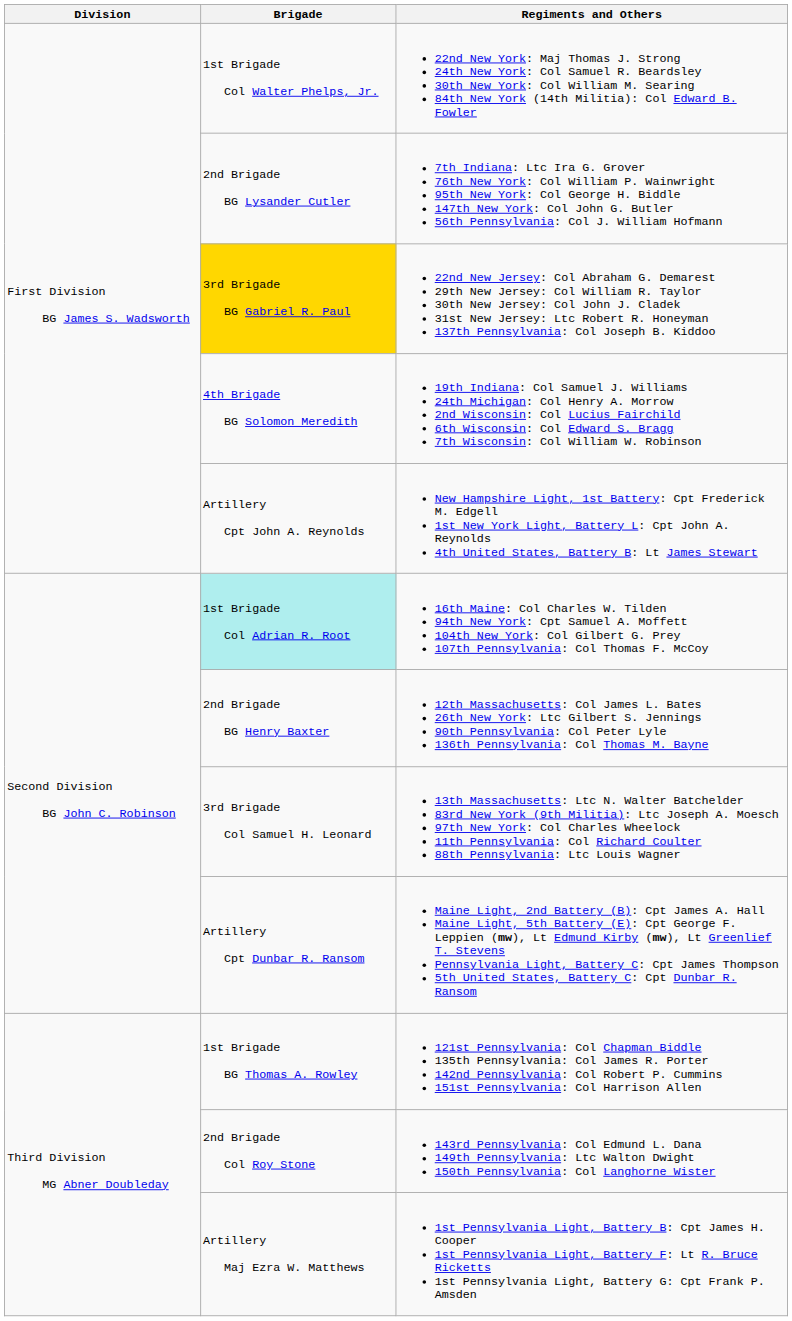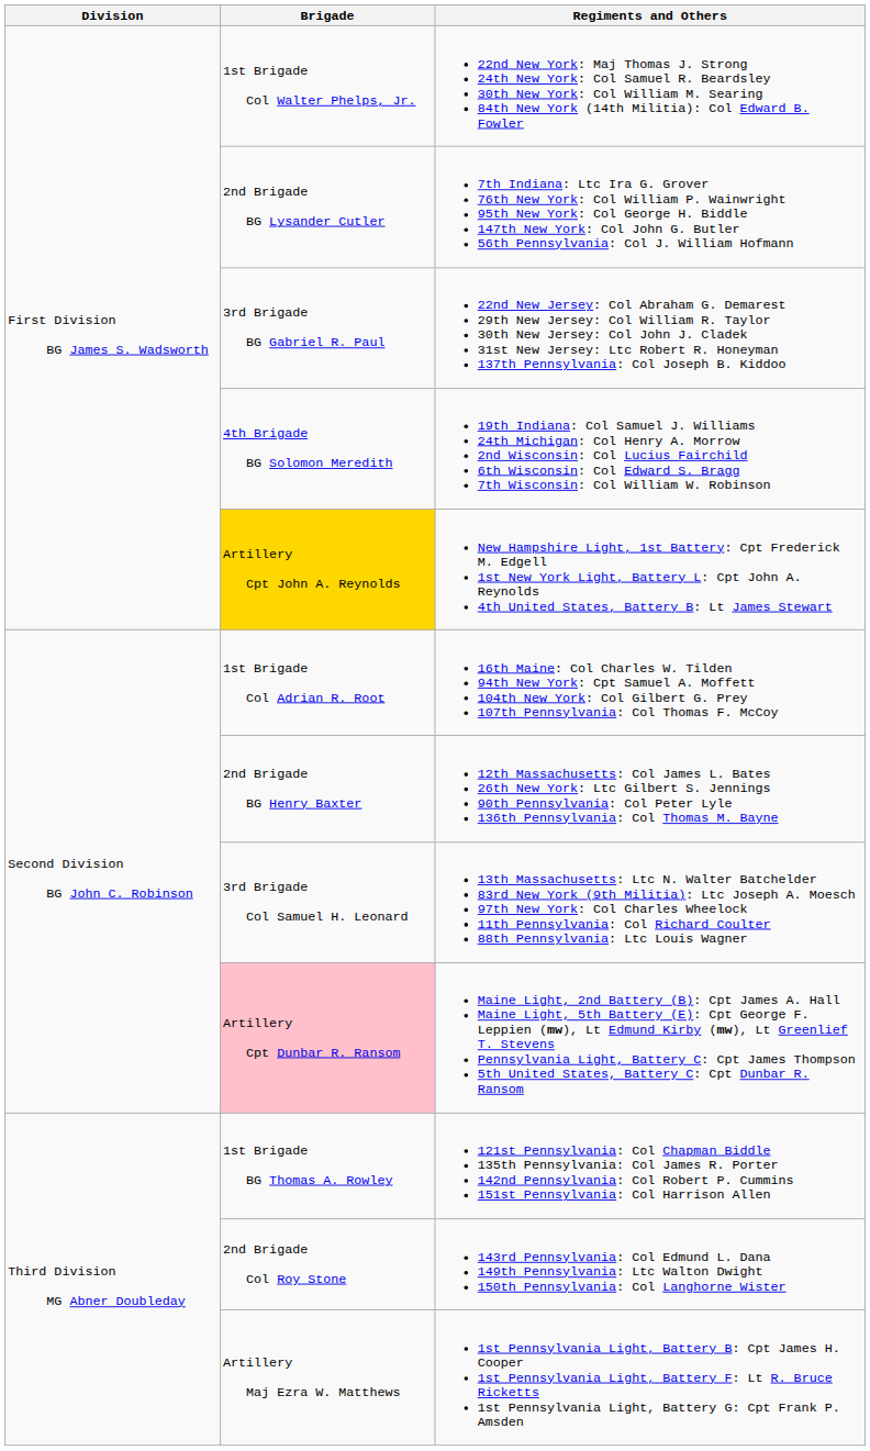 <table class="wikitable">
 <tr>
 <th width=25%>Division</th>
 <th width=25%>Brigade</th>
 <th>Regiments and Others</th>
 </tr>
 <tr>
 <td rowspan=5><br>First Division<br> <br>     BG <a href='#'>James S. Wadsworth</a></td>
 <td>1st Brigade<br><br>   Col <a href='#'>Walter Phelps, Jr.</a></td>
 <td><br><ul><li><a href='#'>22nd New York</a>: Maj Thomas J. Strong</li><li><a href='#'>24th New York</a>: Col Samuel R. Beardsley</li><li><a href='#'>30th New York</a>: Col William M. Searing</li><li><a href='#'>84th New York</a> (14th Militia): Col <a href='#'>Edward B. Fowler</a></li></ul></td>
 </tr>
 <tr>
 <td>2nd Brigade<br><br>   BG <a href='#'>Lysander Cutler</a></td>
 <td><br><ul><li><a href='#'>7th Indiana</a>: Ltc Ira G. Grover</li><li><a href='#'>76th New York</a>: Col William P. Wainwright</li><li><a href='#'>95th New York</a>: Col George H. Biddle</li><li><a href='#'>147th New York</a>: Col John G. Butler</li><li><a href='#'>56th Pennsylvania</a>: Col J. William Hofmann</li></ul></td>
 </tr>
 <tr>
-<td style="background: gold;">3rd Brigade<br><br>   BG <a href='#'>Gabriel R. Paul</a></td>
+<td>3rd Brigade<br><br>   BG <a href='#'>Gabriel R. Paul</a></td>
 <td><br><ul><li><a href='#'>22nd New Jersey</a>: Col Abraham G. Demarest</li><li>29th New Jersey: Col William R. Taylor</li><li>30th New Jersey: Col John J. Cladek</li><li>31st New Jersey: Ltc Robert R. Honeyman</li><li><a href='#'>137th Pennsylvania</a>: Col Joseph B. Kiddoo</li></ul></td>
 </tr>
 <tr>
 <td><a href='#'>4th Brigade</a><br><br>   BG <a href='#'>Solomon Meredith</a></td>
 <td><br><ul><li><a href='#'>19th Indiana</a>: Col Samuel J. Williams</li><li><a href='#'>24th Michigan</a>: Col Henry A. Morrow</li><li><a href='#'>2nd Wisconsin</a>: Col <a href='#'>Lucius Fairchild</a></li><li><a href='#'>6th Wisconsin</a>: Col <a href='#'>Edward S. Bragg</a></li><li><a href='#'>7th Wisconsin</a>: Col William W. Robinson</li></ul></td>
 </tr>
 <tr>
-<td>Artillery<br><br>   Cpt John A. Reynolds</td>
+<td style="background: gold;">Artillery<br><br>   Cpt John A. Reynolds</td>
 <td><br><ul><li><a href='#'>New Hampshire Light, 1st Battery</a>: Cpt Frederick M. Edgell</li><li><a href='#'>1st New York Light, Battery L</a>: Cpt John A. Reynolds</li><li><a href='#'>4th United States, Battery B</a>: Lt <a href='#'>James Stewart</a></li></ul></td>
 </tr>
 <tr>
 <td rowspan=4><br>Second Division<br> <br>     BG <a href='#'>John C. Robinson</a></td>
-<td style="background: paleturquoise;">1st Brigade<br><br>   Col <a href='#'>Adrian R. Root</a></td>
+<td>1st Brigade<br><br>   Col <a href='#'>Adrian R. Root</a></td>
 <td><br><ul><li><a href='#'>16th Maine</a>: Col Charles W. Tilden</li><li><a href='#'>94th New York</a>: Cpt Samuel A. Moffett</li><li><a href='#'>104th New York</a>: Col Gilbert G. Prey</li><li><a href='#'>107th Pennsylvania</a>: Col Thomas F. McCoy</li></ul></td>
 </tr>
 <tr>
 <td>2nd Brigade<br><br>   BG <a href='#'>Henry Baxter</a></td>
 <td><br><ul><li><a href='#'>12th Massachusetts</a>: Col James L. Bates</li><li><a href='#'>26th New York</a>: Ltc Gilbert S. Jennings</li><li><a href='#'>90th Pennsylvania</a>: Col Peter Lyle</li><li><a href='#'>136th Pennsylvania</a>: Col <a href='#'>Thomas M. Bayne</a></li></ul></td>
 </tr>
 <tr>
 <td>3rd Brigade<br><br>   Col Samuel H. Leonard</td>
 <td><br><ul><li><a href='#'>13th Massachusetts</a>: Ltc N. Walter Batchelder</li><li><a href='#'>83rd New York (9th Militia)</a>: Ltc Joseph A. Moesch</li><li><a href='#'>97th New York</a>: Col Charles Wheelock</li><li><a href='#'>11th Pennsylvania</a>: Col <a href='#'>Richard Coulter</a></li><li><a href='#'>88th Pennsylvania</a>: Ltc Louis Wagner</li></ul></td>
 </tr>
 <tr>
-<td>Artillery<br><br>   Cpt <a href='#'>Dunbar R. Ransom</a></td>
+<td style="background: pink;">Artillery<br><br>   Cpt <a href='#'>Dunbar R. Ransom</a></td>
 <td><br><ul><li><a href='#'>Maine Light, 2nd Battery (B)</a>: Cpt James A. Hall</li><li><a href='#'>Maine Light, 5th Battery (E)</a>: Cpt George F. Leppien (<strong>mw</strong>), Lt <a href='#'>Edmund Kirby</a> (<strong>mw</strong>), Lt <a href='#'>Greenlief T. Stevens</a></li><li><a href='#'>Pennsylvania Light, Battery C</a>: Cpt James Thompson</li><li><a href='#'>5th United States, Battery C</a>: Cpt <a href='#'>Dunbar R. Ransom</a></li></ul></td>
 </tr>
 <tr>
 <td rowspan=3><br>Third Division<br> <br>     MG <a href='#'>Abner Doubleday</a></td>
 <td>1st Brigade<br><br>   BG <a href='#'>Thomas A. Rowley</a></td>
 <td><br><ul><li><a href='#'>121st Pennsylvania</a>: Col <a href='#'>Chapman Biddle</a></li><li>135th Pennsylvania: Col James R. Porter</li><li><a href='#'>142nd Pennsylvania</a>: Col Robert P. Cummins</li><li><a href='#'>151st Pennsylvania</a>: Col Harrison Allen</li></ul></td>
 </tr>
 <tr>
 <td>2nd Brigade<br><br>   Col <a href='#'>Roy Stone</a></td>
 <td><br><ul><li><a href='#'>143rd Pennsylvania</a>: Col Edmund L. Dana</li><li><a href='#'>149th Pennsylvania</a>: Ltc Walton Dwight</li><li><a href='#'>150th Pennsylvania</a>: Col <a href='#'>Langhorne Wister</a></li></ul></td>
 </tr>
 <tr>
 <td>Artillery<br><br>   Maj Ezra W. Matthews</td>
 <td><br><ul><li><a href='#'>1st Pennsylvania Light, Battery B</a>: Cpt James H. Cooper</li><li><a href='#'>1st Pennsylvania Light, Battery F</a>: Lt <a href='#'>R. Bruce Ricketts</a></li><li>1st Pennsylvania Light, Battery G: Cpt Frank P. Amsden</li></ul></td>
 </tr>
 </table>
